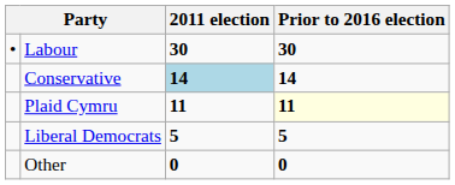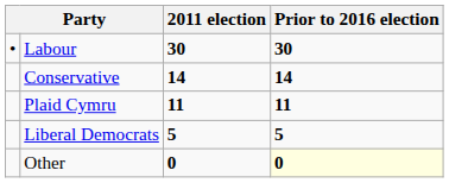 <table class="wikitable">
 <tr>
 <th colspan="2">Party</th>
 <th>2011 election</th>
 <th>Prior to 2016 election</th>
 </tr>
 <tr>
 <td><span>•</span></td>
 <td><a href='#'>Labour</a></td>
 <td><strong>30</strong></td>
 <td><strong>30</strong></td>
 </tr>
 <tr>
 <td></td>
 <td><a href='#'>Conservative</a></td>
-<td style="background: lightblue;"><strong>14</strong></td>
+<td><strong>14</strong></td>
 <td><strong>14</strong></td>
 </tr>
 <tr>
 <td></td>
 <td><a href='#'>Plaid Cymru</a></td>
 <td><strong>11</strong></td>
-<td style="background: lightyellow;"><strong>11</strong></td>
+<td><strong>11</strong></td>
 </tr>
 <tr>
 <td></td>
 <td><a href='#'>Liberal Democrats</a></td>
 <td><strong>5</strong></td>
 <td><strong>5</strong></td>
 </tr>
 <tr>
 <td></td>
 <td>Other</td>
 <td><strong>0</strong></td>
-<td><strong>0</strong></td>
+<td style="background: lightyellow;"><strong>0</strong></td>
 </tr>
 </table>
